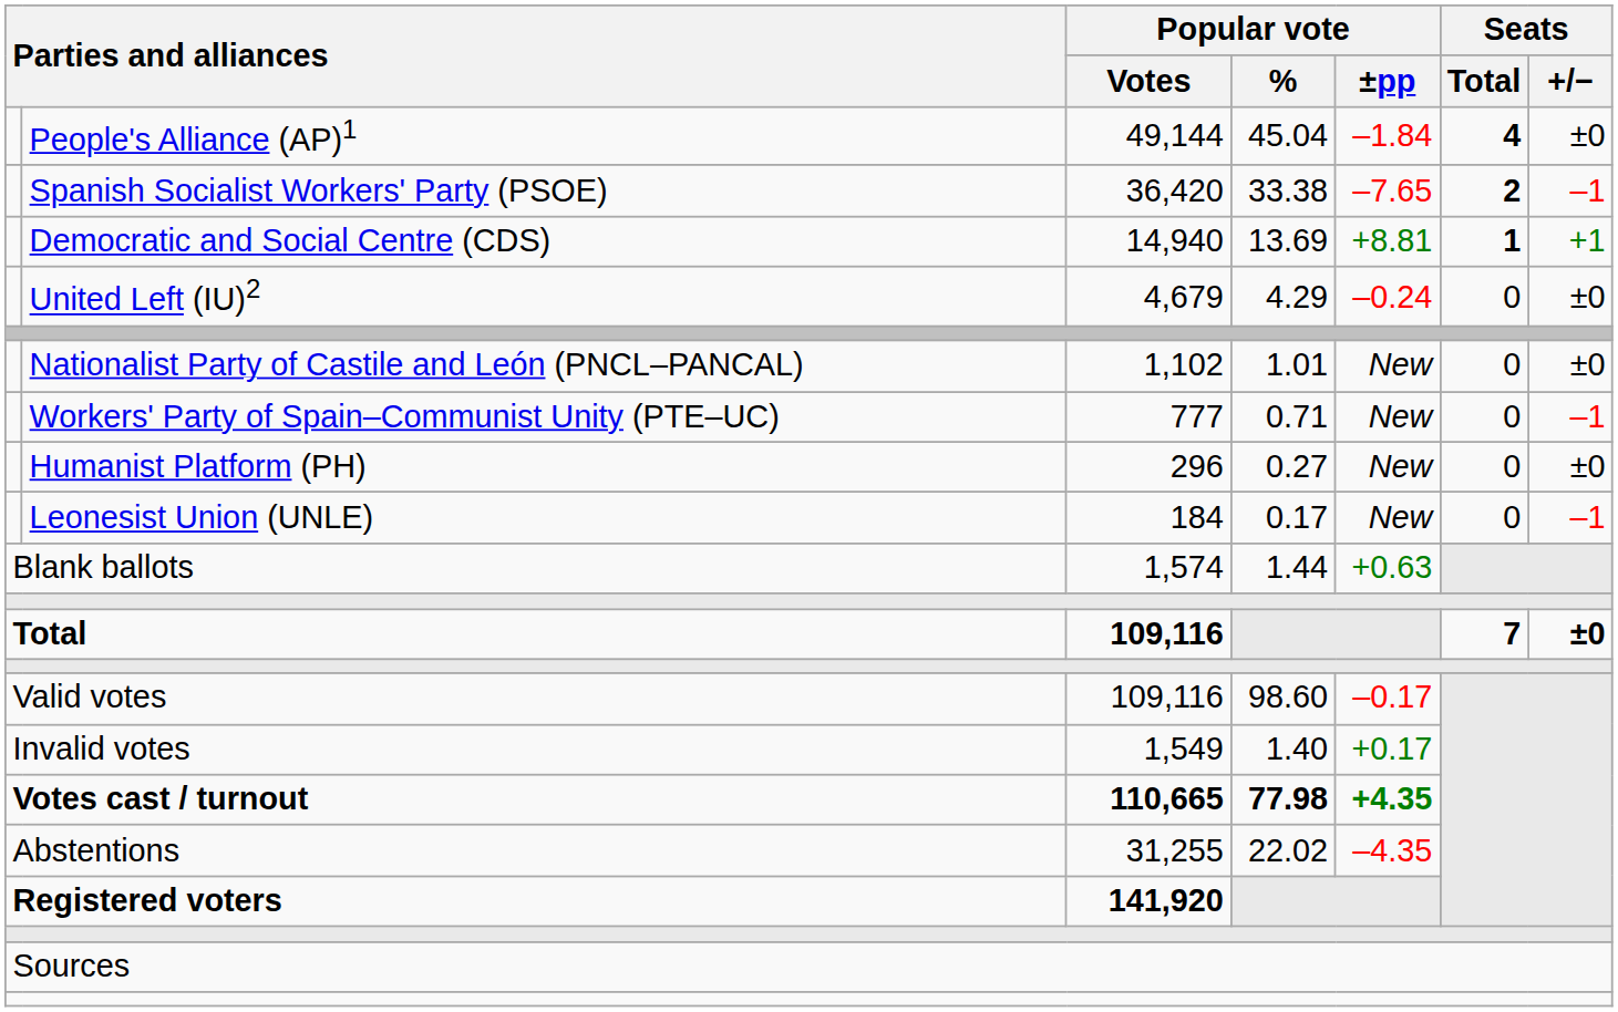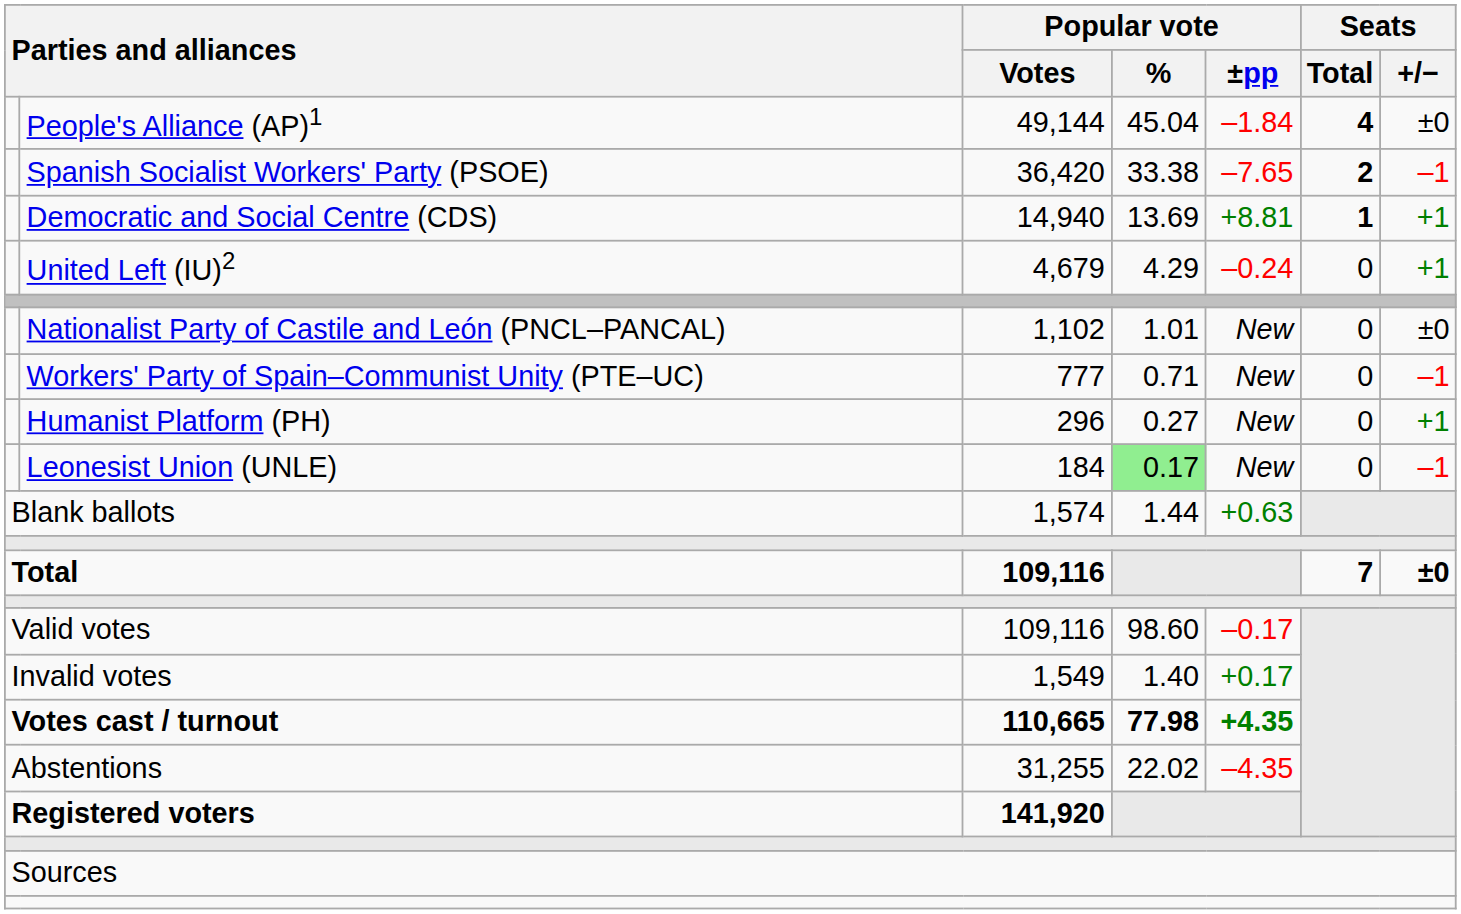 <table class="wikitable" style="text-align:right;">
 <tr>
 <th style="text-align:left;" rowspan="2" colspan="2" width="525">Parties and alliances</th>
 <th colspan="3">Popular vote</th>
 <th colspan="2">Seats</th>
 </tr>
 <tr>
 <th width="75">Votes</th>
 <th width="45">%</th>
 <th width="45">±<a href='#'>pp</a></th>
 <th width="35">Total</th>
 <th width="35">+/−</th>
 </tr>
 <tr>
 <td width="1" style="color:inherit;background:"></td>
 <td align="left"><a href='#'>People's Alliance</a> (AP)<sup>1</sup></td>
 <td>49,144</td>
 <td>45.04</td>
 <td style="color:red;">–1.84</td>
 <td><strong>4</strong></td>
 <td>±0</td>
 </tr>
 <tr>
 <td style="color:inherit;background:"></td>
 <td align="left"><a href='#'>Spanish Socialist Workers' Party</a> (PSOE)</td>
 <td>36,420</td>
 <td>33.38</td>
 <td style="color:red;">–7.65</td>
 <td><strong>2</strong></td>
 <td style="color:red;">–1</td>
 </tr>
 <tr>
 <td style="color:inherit;background:"></td>
 <td align="left"><a href='#'>Democratic and Social Centre</a> (CDS)</td>
 <td>14,940</td>
 <td>13.69</td>
 <td style="color:green;">+8.81</td>
 <td><strong>1</strong></td>
 <td style="color:green;">+1</td>
 </tr>
 <tr>
 <td style="color:inherit;background:"></td>
 <td align="left"><a href='#'>United Left</a> (IU)<sup>2</sup></td>
 <td>4,679</td>
 <td>4.29</td>
 <td style="color:red;">–0.24</td>
 <td>0</td>
-<td>±0</td>
+<td style="color:green;">+1</td>
 </tr>
 <tr>
 <td colspan="7" bgcolor="#C0C0C0"></td>
 </tr>
 <tr>
 <td style="color:inherit;background:"></td>
 <td align="left"><a href='#'>Nationalist Party of Castile and León</a> (PNCL–PANCAL)</td>
 <td>1,102</td>
 <td>1.01</td>
 <td><em>New</em></td>
 <td>0</td>
 <td>±0</td>
 </tr>
 <tr>
 <td style="color:inherit;background:"></td>
 <td align="left"><a href='#'>Workers' Party of Spain–Communist Unity</a> (PTE–UC)</td>
 <td>777</td>
 <td>0.71</td>
 <td><em>New</em></td>
 <td>0</td>
 <td style="color:red;">–1</td>
 </tr>
 <tr>
 <td style="color:inherit;background:"></td>
 <td align="left"><a href='#'>Humanist Platform</a> (PH)</td>
 <td>296</td>
 <td>0.27</td>
 <td><em>New</em></td>
 <td>0</td>
-<td>±0</td>
+<td style="color:green;">+1</td>
 </tr>
 <tr>
 <td style="color:inherit;background:"></td>
 <td align="left"><a href='#'>Leonesist Union</a> (UNLE)</td>
 <td>184</td>
-<td>0.17</td>
+<td style="background: lightgreen;">0.17</td>
 <td><em>New</em></td>
 <td>0</td>
 <td style="color:red;">–1</td>
 </tr>
 <tr>
 <td align="left" colspan="2">Blank ballots</td>
 <td>1,574</td>
 <td>1.44</td>
 <td style="color:green;">+0.63</td>
 <td bgcolor="#E9E9E9" colspan="2"></td>
 </tr>
 <tr>
 <td colspan="7" bgcolor="#E9E9E9"></td>
 </tr>
 <tr style="font-weight:bold;">
 <td align="left" colspan="2">Total</td>
 <td>109,116</td>
 <td bgcolor="#E9E9E9" colspan="2"></td>
 <td>7</td>
 <td>±0</td>
 </tr>
 <tr>
 <td colspan="7" bgcolor="#E9E9E9"></td>
 </tr>
 <tr>
 <td align="left" colspan="2">Valid votes</td>
 <td>109,116</td>
 <td>98.60</td>
 <td style="color:red;">–0.17</td>
 <td bgcolor="#E9E9E9" colspan="2" rowspan="5"></td>
 </tr>
 <tr>
 <td align="left" colspan="2">Invalid votes</td>
 <td>1,549</td>
 <td>1.40</td>
 <td style="color:green;">+0.17</td>
 </tr>
 <tr style="font-weight:bold;">
 <td align="left" colspan="2">Votes cast / turnout</td>
 <td>110,665</td>
 <td>77.98</td>
 <td style="color:green;">+4.35</td>
 </tr>
 <tr>
 <td align="left" colspan="2">Abstentions</td>
 <td>31,255</td>
 <td>22.02</td>
 <td style="color:red;">–4.35</td>
 </tr>
 <tr style="font-weight:bold;">
 <td align="left" colspan="2">Registered voters</td>
 <td>141,920</td>
 <td bgcolor="#E9E9E9" colspan="2"></td>
 </tr>
 <tr>
 <td colspan="7" bgcolor="#E9E9E9"></td>
 </tr>
 <tr>
 <td align="left" colspan="7">Sources</td>
 </tr>
 <tr>
 <td colspan="7" style="text-align:left; max-width:790px;"></td>
 </tr>
 </table>
